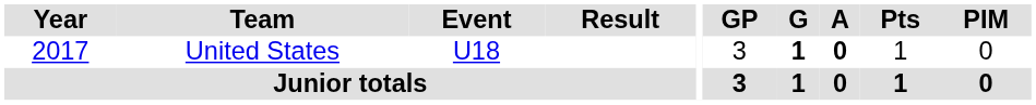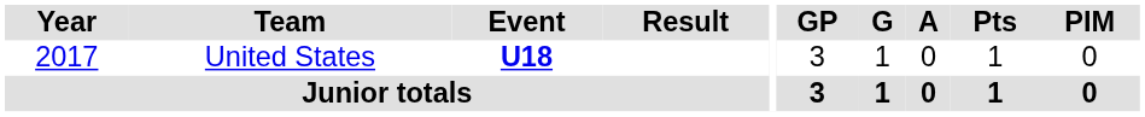 <table border="0" cellpadding="1" cellspacing="0" ID="Table3" style="text-align:center; width:40em">
 <tr ALIGN="center" bgcolor="#e0e0e0">
 <th>Year</th>
 <th>Team</th>
 <th>Event</th>
 <th>Result</th>
 <th rowspan="99" bgcolor="#ffffff"></th>
 <th>GP</th>
 <th>G</th>
 <th>A</th>
 <th>Pts</th>
 <th>PIM</th>
 </tr>
 <tr>
 <td><a href='#'>2017</a></td>
 <td><a href='#'>United States</a></td>
-<td><a href='#'>U18</a></td>
+<td><strong><a href='#'>U18</a></strong></td>
 <td></td>
 <td>3</td>
-<td><strong>1</strong></td>
-<td><strong>0</strong></td>
+<td>1</td>
+<td>0</td>
 <td>1</td>
 <td>0</td>
 </tr>
 <tr bgcolor="#e0e0e0">
 <th colspan="4">Junior totals</th>
 <th>3</th>
 <th>1</th>
 <th>0</th>
 <th>1</th>
 <th>0</th>
 </tr>
 </table>
